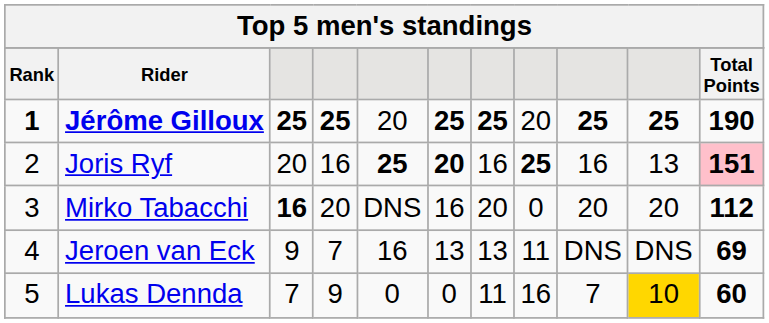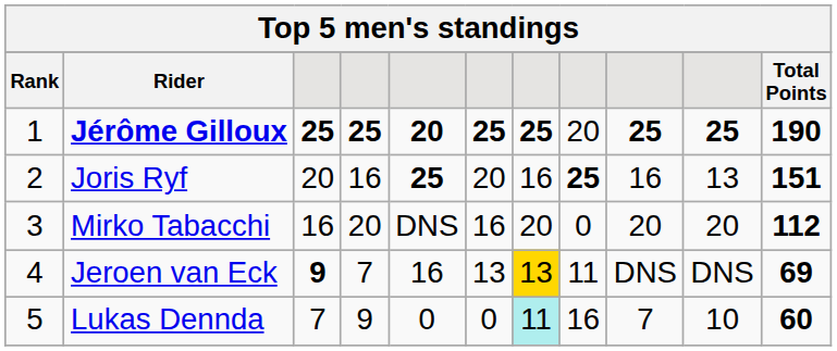 <table class="wikitable sortable">
 <tr>
 <th colspan=11 align="center"><strong>Top 5 men's standings</strong></th>
 </tr>
 <tr>
 </tr>
 <tr style="font-size:8pt;font-weight:bold">
 <th align="center">Rank</th>
 <th align="center">Rider</th>
 <th class=unsortable style="background:#E5E4E2;"><small></small></th>
 <th class=unsortable style="background:#E5E4E2;"><small></small></th>
 <th class=unsortable style="background:#E5E4E2;"><small></small></th>
 <th class=unsortable style="background:#E5E4E2;"><small></small></th>
 <th class=unsortable style="background:#E5E4E2;"><small></small></th>
 <th class=unsortable style="background:#E5E4E2;"><small></small></th>
 <th class=unsortable style="background:#E5E4E2;"><small></small></th>
 <th class=unsortable style="background:#E5E4E2;"><small></small></th>
 <th align="center">Total<br>Points</th>
 </tr>
 <tr>
-<td align=center><strong>1</strong></td>
+<td align=center>1</td>
 <td> <strong><a href='#'>Jérôme Gilloux</a></strong></td>
 <td align=center><strong>25</strong></td>
 <td align=center><strong>25</strong></td>
-<td align=center>20</td>
+<td align=center><strong>20</strong></td>
 <td align=center><strong>25</strong></td>
 <td align=center><strong>25</strong></td>
 <td align=center>20</td>
 <td align=center><strong>25</strong></td>
 <td align=center><strong>25</strong></td>
 <td align=center><strong>190</strong></td>
 </tr>
 <tr>
 <td align=center>2</td>
 <td> <a href='#'>Joris Ryf</a></td>
 <td align=center>20</td>
 <td align=center>16</td>
 <td align=center><strong>25</strong></td>
-<td align=center><strong>20</strong></td>
+<td align=center>20</td>
 <td align=center>16</td>
 <td align=center><strong>25</strong></td>
 <td align=center>16</td>
 <td align=center>13</td>
-<td align=center style="background: pink;"><strong>151</strong></td>
+<td align=center><strong>151</strong></td>
 </tr>
 <tr>
 <td align=center>3</td>
 <td> <a href='#'>Mirko Tabacchi</a></td>
-<td align=center><strong>16</strong></td>
+<td align=center>16</td>
 <td align=center>20</td>
 <td align=center>DNS</td>
 <td align=center>16</td>
 <td align=center>20</td>
 <td align=center>0</td>
 <td align=center>20</td>
 <td align=center>20</td>
 <td align=center><strong>112</strong></td>
 </tr>
 <tr>
 <td align=center>4</td>
 <td> <a href='#'>Jeroen van Eck</a></td>
-<td align=center>9</td>
+<td align=center><strong>9</strong></td>
 <td align=center>7</td>
 <td align=center>16</td>
 <td align=center>13</td>
-<td align=center>13</td>
+<td align=center style="background: gold;">13</td>
 <td align=center>11</td>
 <td align=center>DNS</td>
 <td align=center>DNS</td>
 <td align=center><strong>69</strong></td>
 </tr>
 <tr>
 <td align=center>5</td>
 <td> <a href='#'>Lukas Dennda</a></td>
 <td align=center>7</td>
 <td align=center>9</td>
 <td align=center>0</td>
 <td align=center>0</td>
-<td align=center>11</td>
+<td align=center style="background: paleturquoise;">11</td>
 <td align=center>16</td>
 <td align=center>7</td>
-<td align=center style="background: gold;">10</td>
+<td align=center>10</td>
 <td align=center><strong>60</strong><br></td>
 </tr>
 </table>
